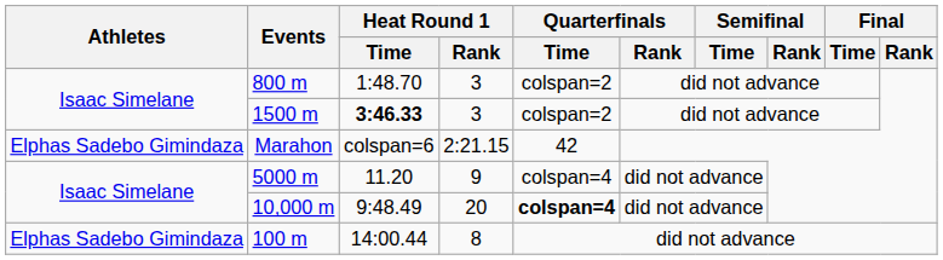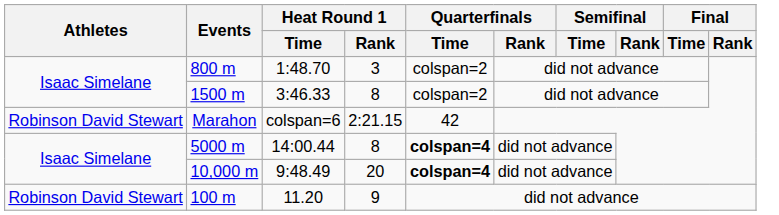 <table class=wikitable style=font-size:90%>
 <tr>
 <th rowspan=2>Athletes</th>
 <th rowspan=2>Events</th>
 <th colspan=2>Heat Round 1</th>
 <th colspan=2>Quarterfinals</th>
 <th colspan=2>Semifinal</th>
 <th colspan=2>Final</th>
 </tr>
 <tr>
 <th>Time</th>
 <th>Rank</th>
 <th>Time</th>
 <th>Rank</th>
 <th>Time</th>
 <th>Rank</th>
 <th>Time</th>
 <th>Rank</th>
 </tr>
 <tr align=center>
 <td align=center rowspan=2><a href='#'>Isaac Simelane</a></td>
 <td align=left><a href='#'>800 m</a></td>
 <td>1:48.70</td>
 <td>3</td>
 <td>colspan=2 </td>
 <td colspan=4>did not advance</td>
 </tr>
 <tr align=center>
 <td align=left><a href='#'>1500 m</a></td>
-<td><strong>3:46.33</strong></td>
-<td>3</td>
+<td>3:46.33</td>
+<td>8</td>
 <td>colspan=2 </td>
 <td colspan=4>did not advance</td>
 </tr>
 <tr align=center>
-<td align=center><a href='#'>Elphas Sadebo Gimindaza</a></td>
+<td align=center><a href='#'>Robinson David Stewart</a></td>
 <td><a href='#'>Marahon</a></td>
 <td>colspan=6 </td>
 <td align=center>2:21.15</td>
 <td align=center>42</td>
 </tr>
 <tr align=center>
 <td align=center rowspan=2><a href='#'>Isaac Simelane</a></td>
 <td align=left><a href='#'>5000 m</a></td>
-<td>11.20</td>
-<td>9</td>
-<td>colspan=4 </td>
+<td>14:00.44</td>
+<td>8</td>
+<td><strong>colspan=4 </strong></td>
 <td colspan=2>did not advance</td>
 </tr>
 <tr align=center>
 <td align=left><a href='#'>10,000 m</a></td>
 <td>9:48.49</td>
 <td>20</td>
 <td><strong>colspan=4 </strong></td>
 <td colspan=2>did not advance</td>
 </tr>
 <tr align=center>
-<td align=center><a href='#'>Elphas Sadebo Gimindaza</a></td>
+<td align=center><a href='#'>Robinson David Stewart</a></td>
 <td align=left><a href='#'>100 m</a></td>
-<td>14:00.44</td>
-<td>8</td>
+<td>11.20</td>
+<td>9</td>
 <td colspan=6>did not advance</td>
 </tr>
 </table>
